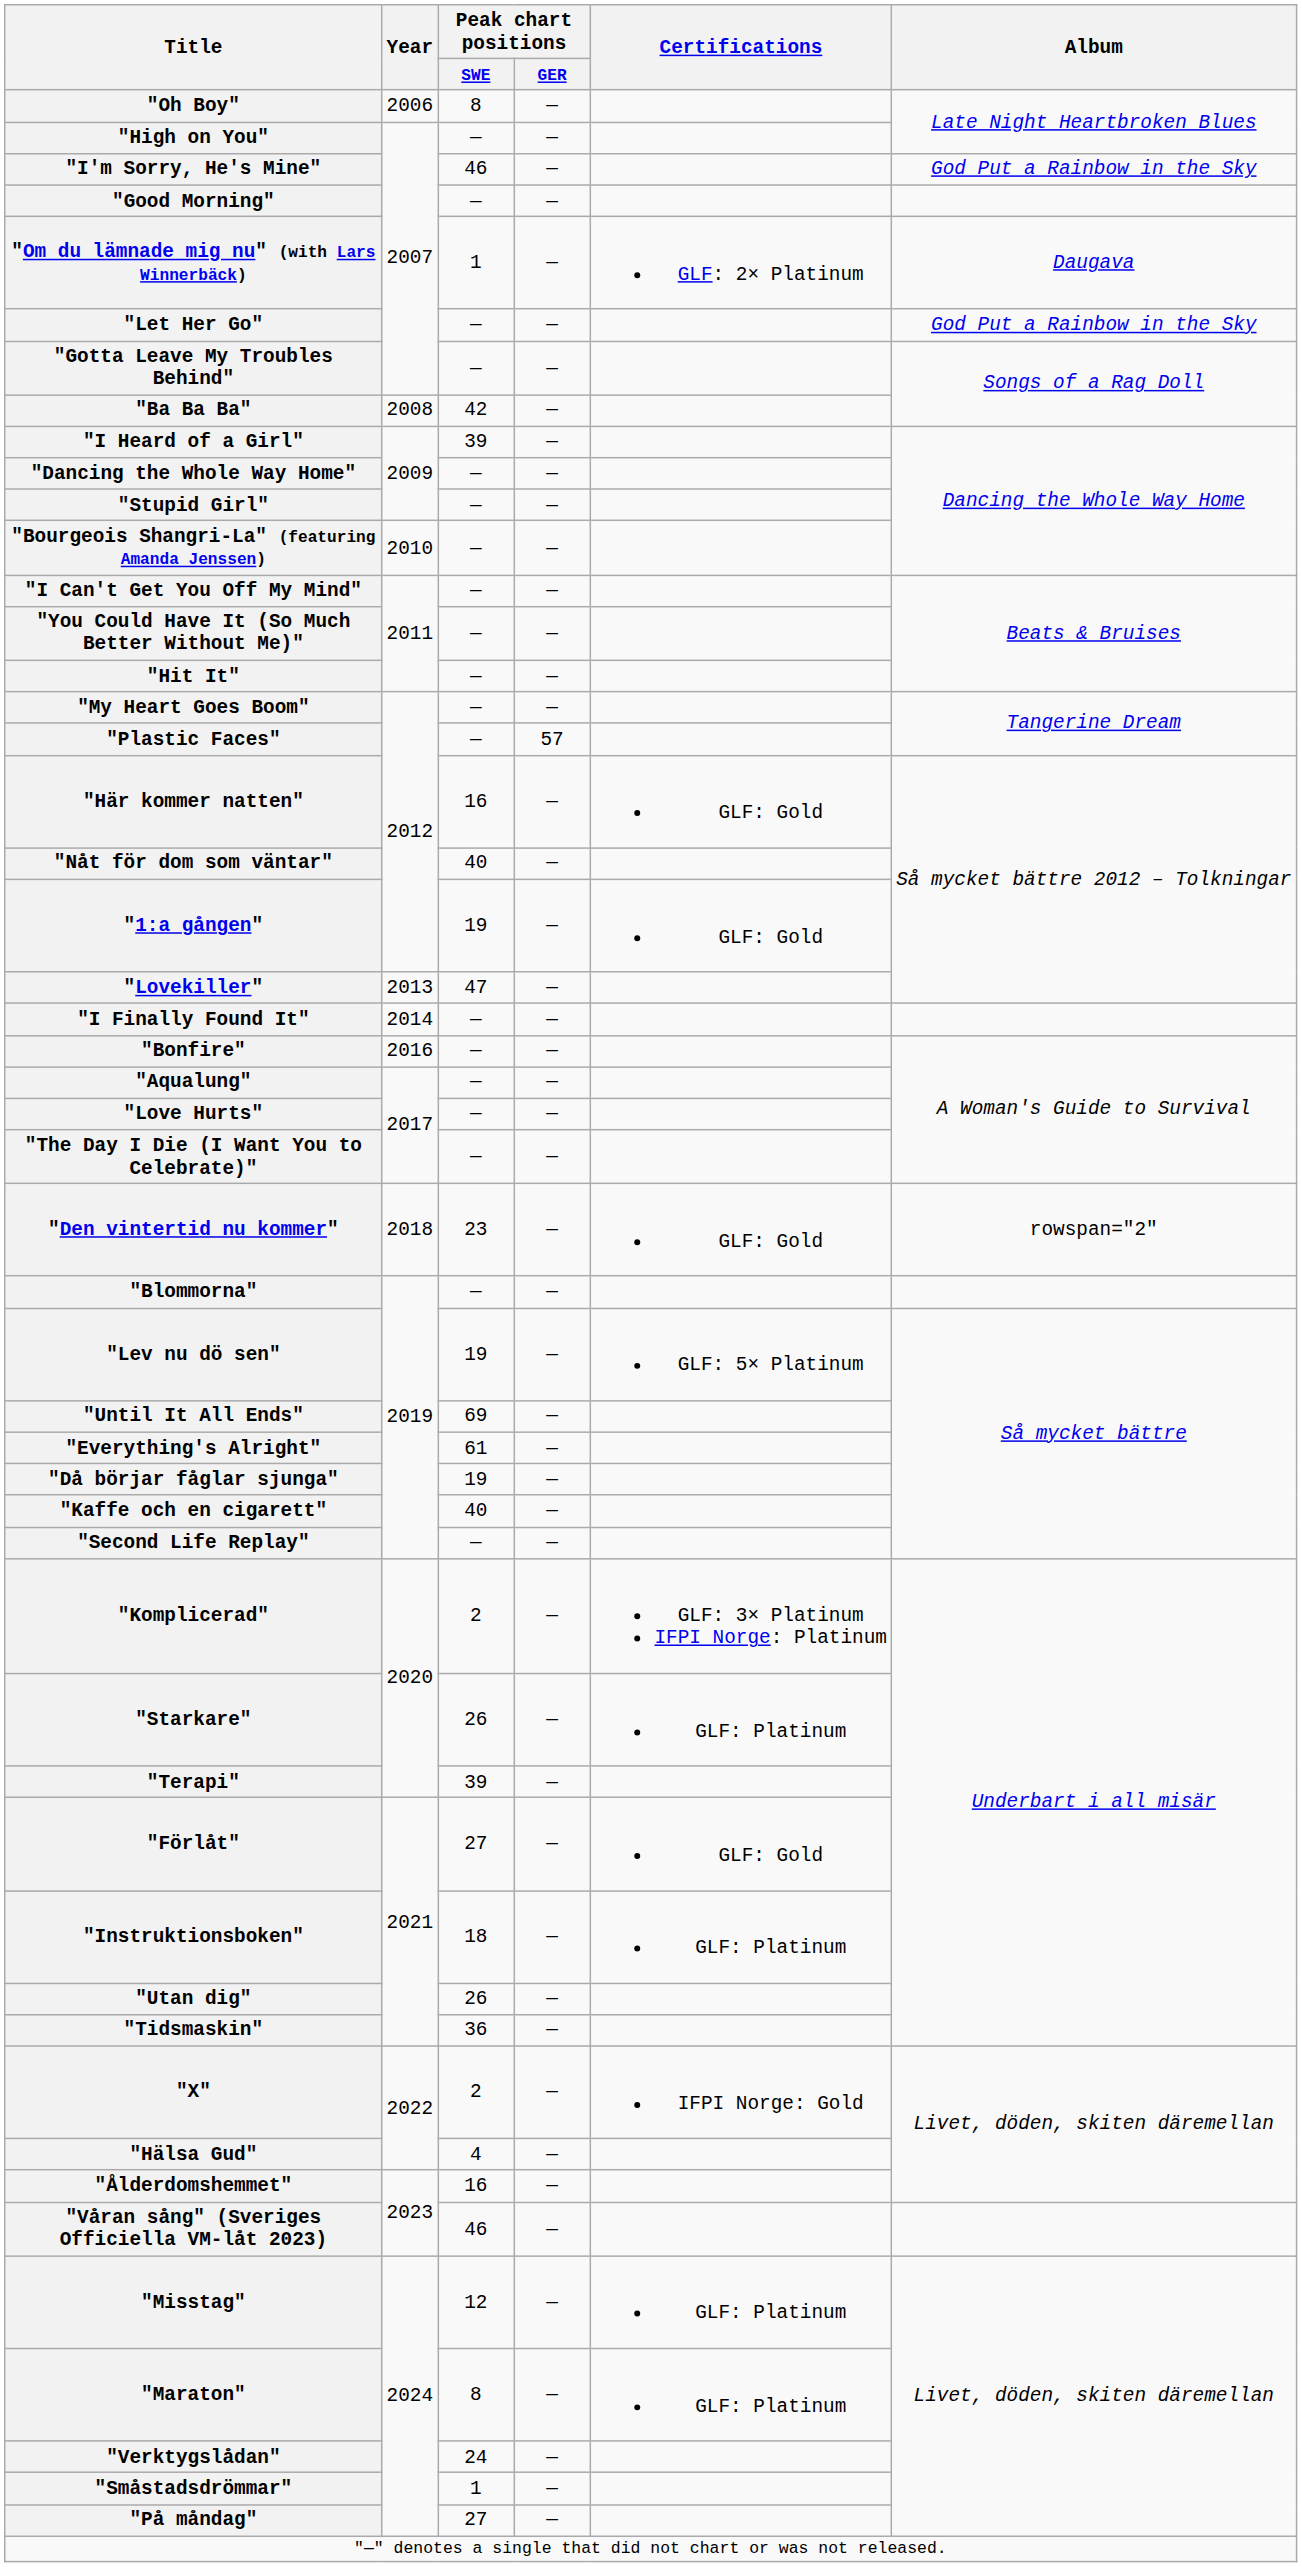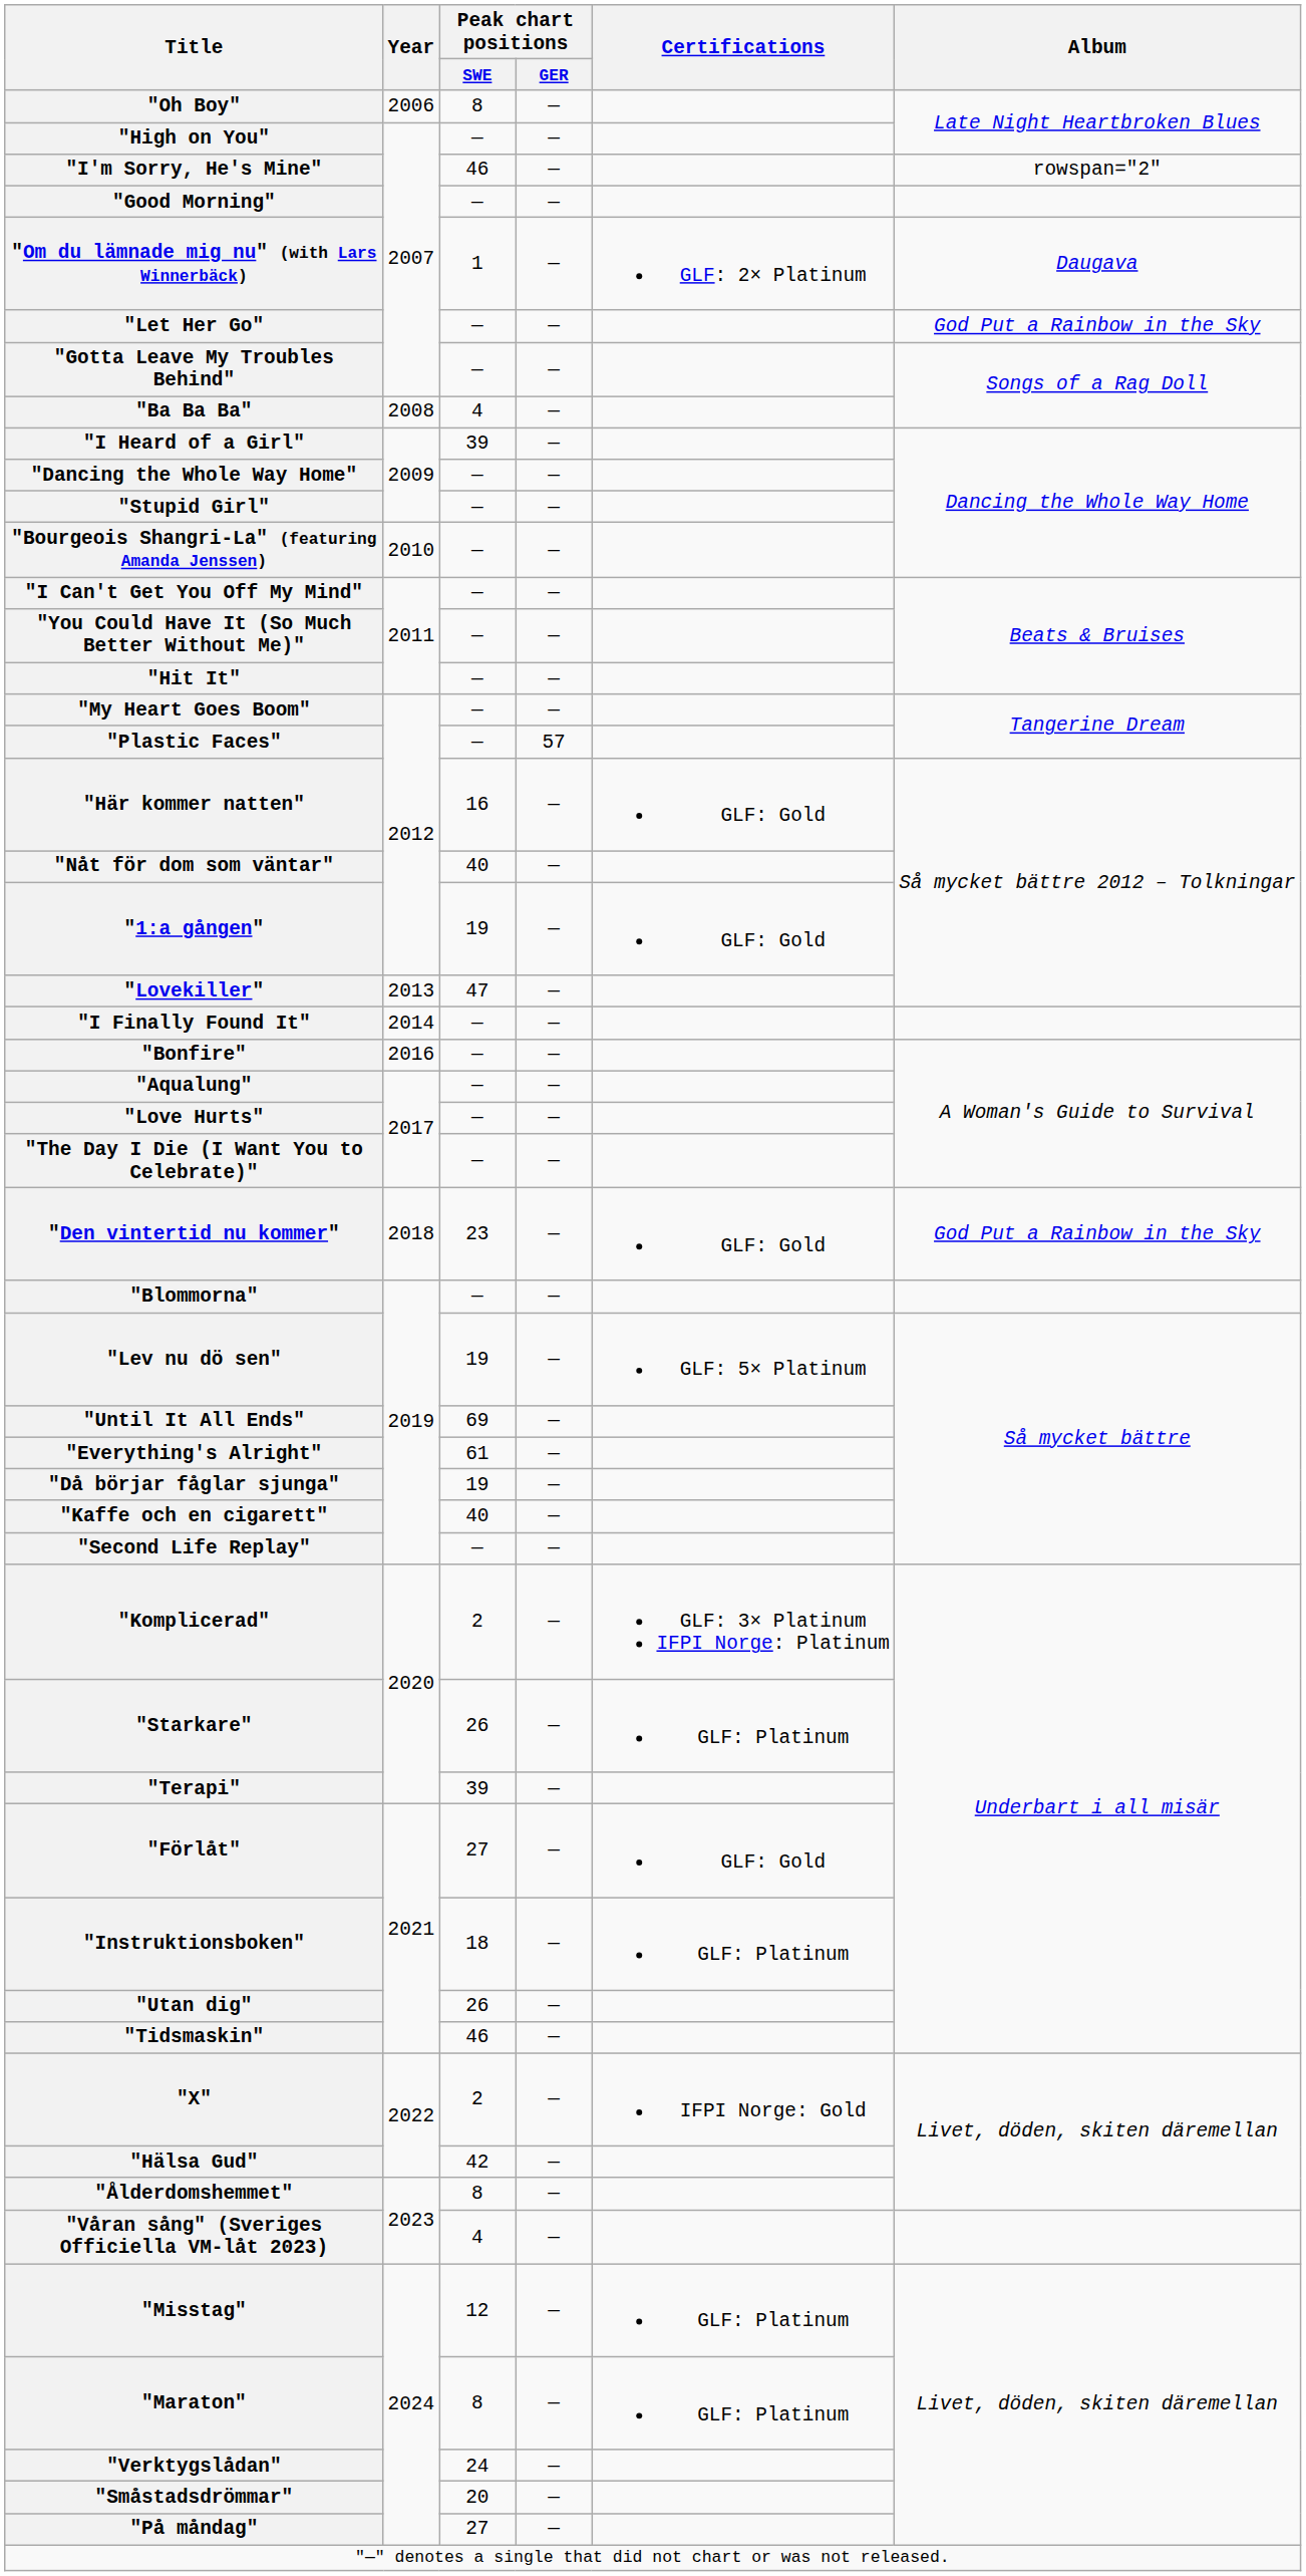 <table class="wikitable plainrowheaders" style="text-align:center;">
 <tr>
 <th scope="col" rowspan="2" style="width:19em;">Title</th>
 <th scope="col" rowspan="2" style="width:1em;">Year</th>
 <th scope="col" colspan="2">Peak chart positions</th>
 <th scope="col" rowspan="2"><a href='#'>Certifications</a></th>
 <th scope="col" rowspan="2">Album</th>
 </tr>
 <tr>
 <th width="45"><small><a href='#'>SWE</a></small><br></th>
 <th width="45"><small><a href='#'>GER</a></small><br></th>
 </tr>
 <tr>
 <th scope="row">"Oh Boy" </th>
 <td>2006</td>
 <td>8</td>
 <td>—</td>
 <td></td>
 <td rowspan="2"><em><a href='#'>Late Night Heartbroken Blues</a></em></td>
 </tr>
 <tr>
 <th scope="row">"High on You"</th>
 <td rowspan="6">2007</td>
 <td>—</td>
 <td>—</td>
 <td></td>
 </tr>
 <tr>
 <th scope="row">"I'm Sorry, He's Mine"</th>
 <td>46</td>
 <td>—</td>
 <td></td>
-<td><em><a href='#'>God Put a Rainbow in the Sky</a></em></td>
+<td>rowspan="2" </td>
 </tr>
 <tr>
 <th scope="row">"Good Morning"</th>
 <td>—</td>
 <td>—</td>
 <td></td>
 <td></td>
 </tr>
 <tr>
 <th scope="row">"<a href='#'>Om du lämnade mig nu</a>" <small>(with <a href='#'>Lars Winnerbäck</a>)</small></th>
 <td>1</td>
 <td>—</td>
 <td><br><ul><li><a href='#'>GLF</a>: 2× Platinum</li></ul></td>
 <td><em><a href='#'>Daugava</a></em></td>
 </tr>
 <tr>
 <th scope="row">"Let Her Go"</th>
 <td>—</td>
 <td>—</td>
 <td></td>
 <td><em><a href='#'>God Put a Rainbow in the Sky</a></em></td>
 </tr>
 <tr>
 <th scope="row">"Gotta Leave My Troubles Behind"</th>
 <td>—</td>
 <td>—</td>
 <td></td>
 <td rowspan="2"><em><a href='#'>Songs of a Rag Doll</a></em></td>
 </tr>
 <tr>
 <th scope="row">"Ba Ba Ba"</th>
 <td>2008</td>
-<td>42</td>
+<td>4</td>
 <td>—</td>
 <td></td>
 </tr>
 <tr>
 <th scope="row">"I Heard of a Girl"</th>
 <td rowspan="3">2009</td>
 <td>39</td>
 <td>—</td>
 <td></td>
 <td rowspan="4"><em><a href='#'>Dancing the Whole Way Home</a></em></td>
 </tr>
 <tr>
 <th scope="row">"Dancing the Whole Way Home"</th>
 <td>—</td>
 <td>—</td>
 <td></td>
 </tr>
 <tr>
 <th scope="row">"Stupid Girl"</th>
 <td>—</td>
 <td>—</td>
 <td></td>
 </tr>
 <tr>
 <th scope="row">"Bourgeois Shangri-La" <small>(featuring <a href='#'>Amanda Jenssen</a>)</small></th>
 <td>2010</td>
 <td>—</td>
 <td>—</td>
 <td></td>
 </tr>
 <tr>
 <th scope="row">"I Can't Get You Off My Mind"</th>
 <td rowspan="3">2011</td>
 <td>—</td>
 <td>—</td>
 <td></td>
 <td rowspan="3"><em><a href='#'>Beats & Bruises</a></em></td>
 </tr>
 <tr>
 <th scope="row">"You Could Have It (So Much Better Without Me)"</th>
 <td>—</td>
 <td>—</td>
 <td></td>
 </tr>
 <tr>
 <th scope="row">"Hit It"</th>
 <td>—</td>
 <td>—</td>
 <td></td>
 </tr>
 <tr>
 <th scope="row">"My Heart Goes Boom"</th>
 <td rowspan="5">2012</td>
 <td>—</td>
 <td>—</td>
 <td></td>
 <td rowspan="2"><em><a href='#'>Tangerine Dream</a></em></td>
 </tr>
 <tr>
 <th scope="row">"Plastic Faces"</th>
 <td>—</td>
 <td>57</td>
 <td></td>
 </tr>
 <tr>
 <th scope="row">"Här kommer natten"</th>
 <td>16</td>
 <td>—</td>
 <td><br><ul><li>GLF: Gold</li></ul></td>
 <td rowspan="4"><em>Så mycket bättre 2012 – Tolkningar</em></td>
 </tr>
 <tr>
 <th scope="row">"Nåt för dom som väntar"</th>
 <td>40</td>
 <td>—</td>
 <td></td>
 </tr>
 <tr>
 <th scope="row">"<a href='#'>1:a gången</a>"</th>
 <td>19</td>
 <td>—</td>
 <td><br><ul><li>GLF: Gold</li></ul></td>
 </tr>
 <tr>
 <th scope="row">"<a href='#'>Lovekiller</a>"</th>
 <td>2013</td>
 <td>47</td>
 <td>—</td>
 <td></td>
 </tr>
 <tr>
 <th scope="row">"I Finally Found It"</th>
 <td>2014</td>
 <td>—</td>
 <td>—</td>
 <td></td>
 <td></td>
 </tr>
 <tr>
 <th scope="row">"Bonfire"</th>
 <td>2016</td>
 <td>—</td>
 <td>—</td>
 <td></td>
 <td rowspan="4"><em>A Woman's Guide to Survival</em></td>
 </tr>
 <tr>
 <th scope="row">"Aqualung"</th>
 <td rowspan=3>2017</td>
 <td>—</td>
 <td>—</td>
 <td></td>
 </tr>
 <tr>
 <th scope="row">"Love Hurts"</th>
 <td>—</td>
 <td>—</td>
 <td></td>
 </tr>
 <tr>
 <th scope="row">"The Day I Die (I Want You to Celebrate)"</th>
 <td>—</td>
 <td>—</td>
 <td></td>
 </tr>
 <tr>
 <th scope="row">"<a href='#'>Den vintertid nu kommer</a>"</th>
 <td>2018</td>
 <td>23</td>
 <td>—</td>
 <td><br><ul><li>GLF: Gold</li></ul></td>
-<td>rowspan="2" </td>
+<td><em><a href='#'>God Put a Rainbow in the Sky</a></em></td>
 </tr>
 <tr>
 <th scope="row">"Blommorna"<br></th>
 <td rowspan="7">2019</td>
 <td>—</td>
 <td>—</td>
 <td></td>
 </tr>
 <tr>
 <th scope="row">"Lev nu dö sen"</th>
 <td>19</td>
 <td>—</td>
 <td><br><ul><li>GLF: 5× Platinum</li></ul></td>
 <td rowspan="6"><em><a href='#'>Så mycket bättre</a></em></td>
 </tr>
 <tr>
 <th scope="row">"Until It All Ends"</th>
 <td>69</td>
 <td>—</td>
 <td></td>
 </tr>
 <tr>
 <th scope="row">"Everything's Alright"</th>
 <td>61</td>
 <td>—</td>
 <td></td>
 </tr>
 <tr>
 <th scope="row">"Då börjar fåglar sjunga"</th>
 <td>19</td>
 <td>—</td>
 <td></td>
 </tr>
 <tr>
 <th scope="row">"Kaffe och en cigarett"</th>
 <td>40</td>
 <td>—</td>
 <td></td>
 </tr>
 <tr>
 <th scope="row">"Second Life Replay"</th>
 <td>—</td>
 <td>—</td>
 <td></td>
 </tr>
 <tr>
 <th scope="row">"Komplicerad"</th>
 <td rowspan="3">2020</td>
 <td>2</td>
 <td>—</td>
 <td><br><ul><li>GLF: 3× Platinum</li><li><a href='#'>IFPI Norge</a>: Platinum</li></ul></td>
 <td rowspan="7"><em><a href='#'>Underbart i all misär</a></em></td>
 </tr>
 <tr>
 <th scope="row">"Starkare"</th>
 <td>26</td>
 <td>—</td>
 <td><br><ul><li>GLF: Platinum</li></ul></td>
 </tr>
 <tr>
 <th scope="row">"Terapi"</th>
 <td>39</td>
 <td>—</td>
 <td></td>
 </tr>
 <tr>
 <th scope="row">"Förlåt"</th>
 <td rowspan="4">2021</td>
 <td>27</td>
 <td>—</td>
 <td><br><ul><li>GLF: Gold</li></ul></td>
 </tr>
 <tr>
 <th scope="row">"Instruktionsboken"</th>
 <td>18</td>
 <td>—</td>
 <td><br><ul><li>GLF: Platinum</li></ul></td>
 </tr>
 <tr>
 <th scope="row">"Utan dig"</th>
 <td>26</td>
 <td>—</td>
 <td></td>
 </tr>
 <tr>
 <th scope="row">"Tidsmaskin"</th>
-<td>36</td>
+<td>46</td>
 <td>—</td>
 <td></td>
 </tr>
 <tr>
 <th scope="row">"X"</th>
 <td rowspan="2">2022</td>
 <td>2</td>
 <td>—</td>
 <td><br><ul><li>IFPI Norge: Gold</li></ul></td>
 <td rowspan="3"><em>Livet, döden, skiten däremellan</em></td>
 </tr>
 <tr>
 <th scope="row">"Hälsa Gud"</th>
-<td>4</td>
+<td>42</td>
 <td>—</td>
 <td></td>
 </tr>
 <tr>
 <th scope="row">"Ålderdomshemmet"</th>
 <td rowspan="2">2023</td>
-<td>16</td>
+<td>8</td>
 <td>—</td>
 <td></td>
 </tr>
 <tr>
 <th scope="row">"Våran sång" (Sveriges Officiella VM-låt 2023)</th>
-<td>46</td>
+<td>4</td>
 <td>—</td>
 <td></td>
 <td></td>
 </tr>
 <tr>
 <th scope="row">"Misstag"</th>
 <td rowspan="5">2024</td>
 <td>12</td>
 <td>—</td>
 <td><br><ul><li>GLF: Platinum</li></ul></td>
 <td rowspan="5"><em>Livet, döden, skiten däremellan</em></td>
 </tr>
 <tr>
 <th scope="row">"Maraton"<br></th>
 <td>8</td>
 <td>—</td>
 <td><br><ul><li>GLF: Platinum</li></ul></td>
 </tr>
 <tr>
 <th scope="row">"Verktygslådan"</th>
 <td>24</td>
 <td>—</td>
 <td></td>
 </tr>
 <tr>
 <th scope="row">"Småstadsdrömmar"</th>
-<td>1</td>
+<td>20<br></td>
 <td>—</td>
 <td></td>
 </tr>
 <tr>
 <th scope="row">"På måndag"</th>
 <td>27<br></td>
 <td>—</td>
 <td></td>
 </tr>
 <tr>
 <td colspan="6" style="font-size:85%;">"—" denotes a single that did not chart or was not released.</td>
 </tr>
 </table>
